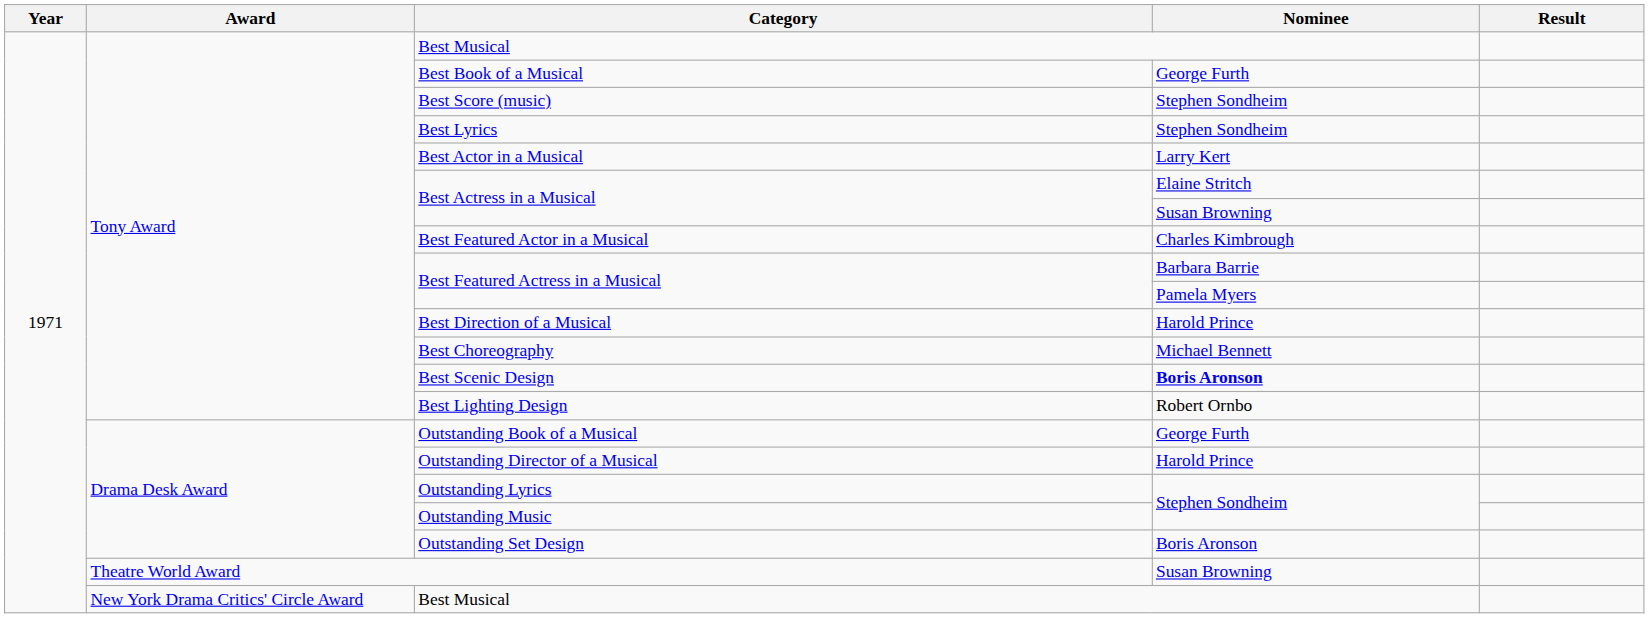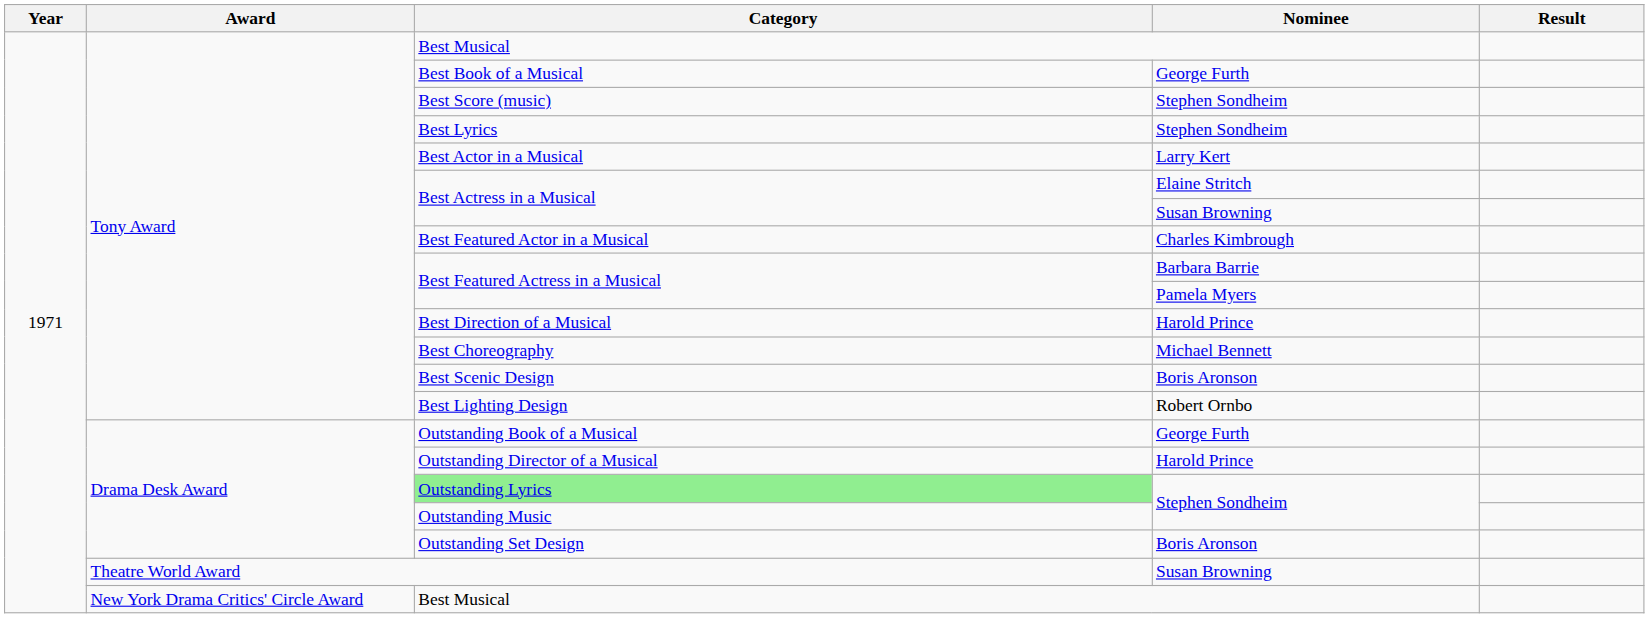 <table class="wikitable" width="95%">
 <tr>
 <th width="5%">Year</th>
 <th width="20%">Award</th>
 <th width="45%">Category</th>
 <th width="20%">Nominee</th>
 <th width="10%">Result</th>
 </tr>
 <tr>
 <td rowspan="21" align="center">1971</td>
 <td rowspan="14"><a href='#'>Tony Award</a></td>
 <td colspan="2"><a href='#'>Best Musical</a></td>
 <td></td>
 </tr>
 <tr>
 <td><a href='#'>Best Book of a Musical</a></td>
 <td><a href='#'>George Furth</a></td>
 <td></td>
 </tr>
 <tr>
 <td><a href='#'>Best Score (music)</a></td>
 <td><a href='#'>Stephen Sondheim</a></td>
 <td></td>
 </tr>
 <tr>
 <td><a href='#'>Best Lyrics</a></td>
 <td><a href='#'>Stephen Sondheim</a></td>
 <td></td>
 </tr>
 <tr>
 <td><a href='#'>Best Actor in a Musical</a></td>
 <td><a href='#'>Larry Kert</a></td>
 <td></td>
 </tr>
 <tr>
 <td rowspan="2"><a href='#'>Best Actress in a Musical</a></td>
 <td><a href='#'>Elaine Stritch</a></td>
 <td></td>
 </tr>
 <tr>
 <td><a href='#'>Susan Browning</a></td>
 <td></td>
 </tr>
 <tr>
 <td><a href='#'>Best Featured Actor in a Musical</a></td>
 <td><a href='#'>Charles Kimbrough</a></td>
 <td></td>
 </tr>
 <tr>
 <td rowspan="2"><a href='#'>Best Featured Actress in a Musical</a></td>
 <td><a href='#'>Barbara Barrie</a></td>
 <td></td>
 </tr>
 <tr>
 <td><a href='#'>Pamela Myers</a></td>
 <td></td>
 </tr>
 <tr>
 <td><a href='#'>Best Direction of a Musical</a></td>
 <td><a href='#'>Harold Prince</a></td>
 <td></td>
 </tr>
 <tr>
 <td><a href='#'>Best Choreography</a></td>
 <td><a href='#'>Michael Bennett</a></td>
 <td></td>
 </tr>
 <tr>
 <td><a href='#'>Best Scenic Design</a></td>
-<td><strong><a href='#'>Boris Aronson</a></strong></td>
+<td><a href='#'>Boris Aronson</a></td>
 <td></td>
 </tr>
 <tr>
 <td><a href='#'>Best Lighting Design</a></td>
 <td>Robert Ornbo</td>
 <td></td>
 </tr>
 <tr>
 <td rowspan="5"><a href='#'>Drama Desk Award</a></td>
 <td><a href='#'>Outstanding Book of a Musical</a></td>
 <td><a href='#'>George Furth</a></td>
 <td></td>
 </tr>
 <tr>
 <td><a href='#'>Outstanding Director of a Musical</a></td>
 <td><a href='#'>Harold Prince</a></td>
 <td></td>
 </tr>
 <tr>
-<td><a href='#'>Outstanding Lyrics</a></td>
+<td style="background: lightgreen;"><a href='#'>Outstanding Lyrics</a></td>
 <td rowspan="2"><a href='#'>Stephen Sondheim</a></td>
 <td></td>
 </tr>
 <tr>
 <td><a href='#'>Outstanding Music</a></td>
 <td></td>
 </tr>
 <tr>
 <td><a href='#'>Outstanding Set Design</a></td>
 <td><a href='#'>Boris Aronson</a></td>
 <td></td>
 </tr>
 <tr>
 <td colspan="2"><a href='#'>Theatre World Award</a></td>
 <td><a href='#'>Susan Browning</a></td>
 <td></td>
 </tr>
 <tr>
 <td><a href='#'>New York Drama Critics' Circle Award</a></td>
 <td colspan="2">Best Musical</td>
 <td></td>
 </tr>
 </table>
